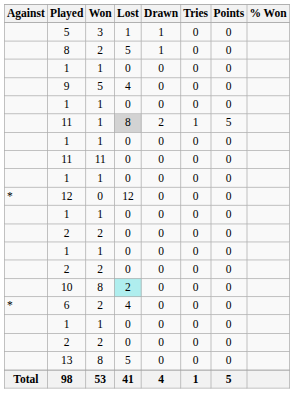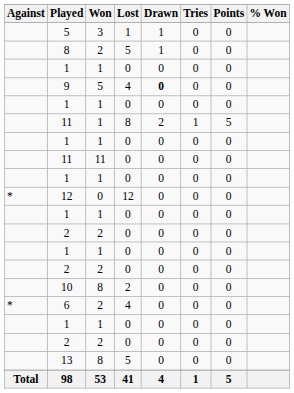 <table class="sortable wikitable" style="text-align: center;">
 <tr>
 </tr>
 <tr>
 <th>Against</th>
 <th>Played</th>
 <th>Won</th>
 <th>Lost</th>
 <th>Drawn</th>
 <th>Tries</th>
 <th>Points</th>
 <th>% Won</th>
 </tr>
 <tr bgcolor="#d0ffd0" align="center">
 </tr>
 <tr>
 <td align="left"></td>
 <td>5</td>
 <td>3</td>
 <td>1</td>
 <td>1</td>
 <td>0</td>
 <td>0</td>
 <td></td>
 </tr>
 <tr>
 <td align="left"></td>
 <td>8</td>
 <td>2</td>
 <td>5</td>
 <td>1</td>
 <td>0</td>
 <td>0</td>
 <td></td>
 </tr>
 <tr>
 <td align="left"></td>
 <td>1</td>
 <td>1</td>
 <td>0</td>
 <td>0</td>
 <td>0</td>
 <td>0</td>
 <td></td>
 </tr>
 <tr>
 <td align="left"></td>
 <td>9</td>
 <td>5</td>
 <td>4</td>
-<td>0</td>
+<td><strong>0</strong></td>
 <td>0</td>
 <td>0</td>
 <td></td>
 </tr>
 <tr>
 <td align="left"></td>
 <td>1</td>
 <td>1</td>
 <td>0</td>
 <td>0</td>
 <td>0</td>
 <td>0</td>
 <td></td>
 </tr>
 <tr>
 <td align="left"></td>
 <td>11</td>
 <td>1</td>
-<td style="background: lightgrey;">8</td>
+<td>8</td>
 <td>2</td>
 <td>1</td>
 <td>5</td>
 <td></td>
 </tr>
 <tr>
 <td align="left"></td>
 <td>1</td>
 <td>1</td>
 <td>0</td>
 <td>0</td>
 <td>0</td>
 <td>0</td>
 <td></td>
 </tr>
 <tr>
 <td align="left"></td>
 <td>11</td>
 <td>11</td>
 <td>0</td>
 <td>0</td>
 <td>0</td>
 <td>0</td>
 <td></td>
 </tr>
 <tr>
 <td align="left"></td>
 <td>1</td>
 <td>1</td>
 <td>0</td>
 <td>0</td>
 <td>0</td>
 <td>0</td>
 <td></td>
 </tr>
 <tr>
 <td align="left">*</td>
 <td>12</td>
 <td>0</td>
 <td>12</td>
 <td>0</td>
 <td>0</td>
 <td>0</td>
 <td></td>
 </tr>
 <tr>
 <td align="left"></td>
 <td>1</td>
 <td>1</td>
 <td>0</td>
 <td>0</td>
 <td>0</td>
 <td>0</td>
 <td></td>
 </tr>
 <tr>
 <td align="left"></td>
 <td>2</td>
 <td>2</td>
 <td>0</td>
 <td>0</td>
 <td>0</td>
 <td>0</td>
 <td></td>
 </tr>
 <tr>
 <td align="left"></td>
 <td>1</td>
 <td>1</td>
 <td>0</td>
 <td>0</td>
 <td>0</td>
 <td>0</td>
 <td></td>
 </tr>
 <tr>
 <td align="left"></td>
 <td>2</td>
 <td>2</td>
 <td>0</td>
 <td>0</td>
 <td>0</td>
 <td>0</td>
 <td></td>
 </tr>
 <tr>
 <td align="left"></td>
 <td>10</td>
 <td>8</td>
-<td style="background: paleturquoise;">2</td>
+<td>2</td>
 <td>0</td>
 <td>0</td>
 <td>0</td>
 <td></td>
 </tr>
 <tr>
 <td align="left">*</td>
 <td>6</td>
 <td>2</td>
 <td>4</td>
 <td>0</td>
 <td>0</td>
 <td>0</td>
 <td></td>
 </tr>
 <tr>
 <td align="left"></td>
 <td>1</td>
 <td>1</td>
 <td>0</td>
 <td>0</td>
 <td>0</td>
 <td>0</td>
 <td></td>
 </tr>
 <tr>
 <td align="left"></td>
 <td>2</td>
 <td>2</td>
 <td>0</td>
 <td>0</td>
 <td>0</td>
 <td>0</td>
 <td></td>
 </tr>
 <tr>
 <td align="left"></td>
 <td>13</td>
 <td>8</td>
 <td>5</td>
 <td>0</td>
 <td>0</td>
 <td>0</td>
 <td></td>
 </tr>
 <tr>
 </tr>
 <tr class="sortbottom">
 <th>Total</th>
 <th>98</th>
 <th>53</th>
 <th>41</th>
 <th>4</th>
 <th>1</th>
 <th>5</th>
 <th></th>
 </tr>
 </table>
